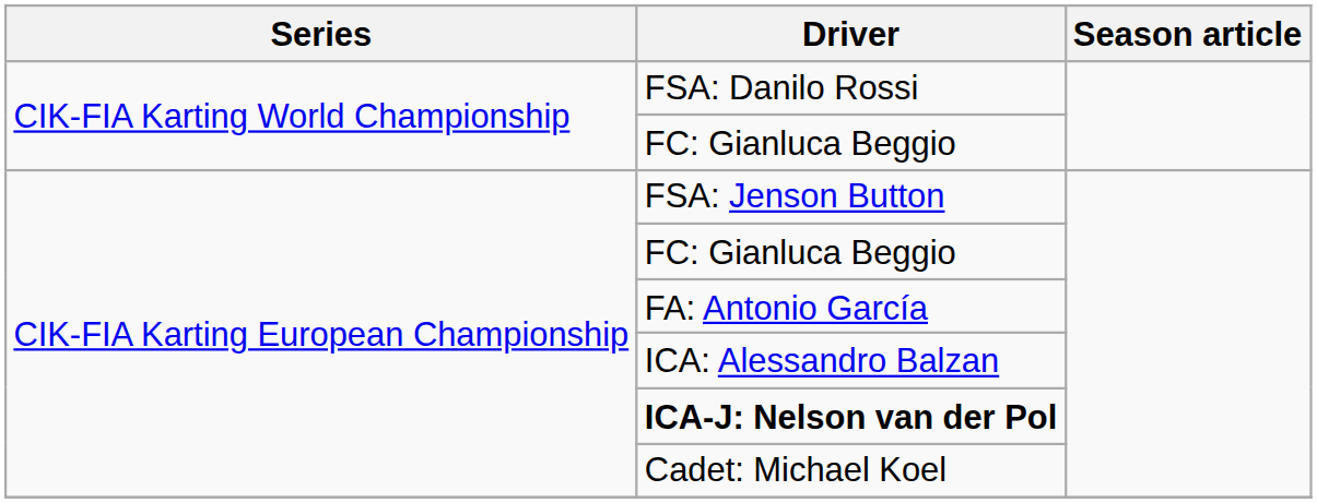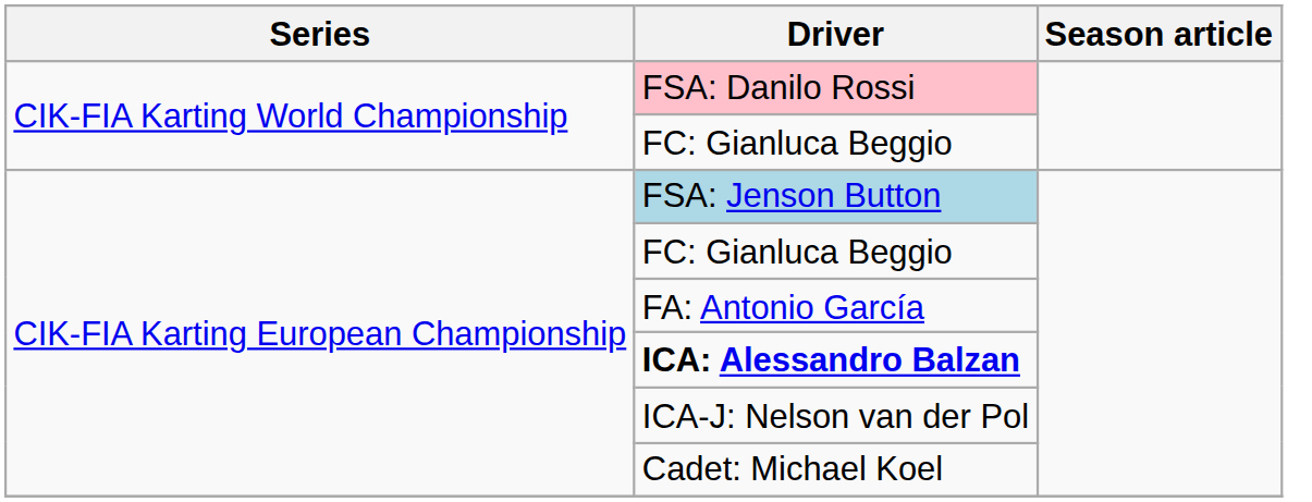 <table class="wikitable" style="font-size: 87%;">
 <tr>
 <th>Series</th>
 <th>Driver</th>
 <th>Season article</th>
 </tr>
 <tr>
 <td rowspan=2><a href='#'>CIK-FIA Karting World Championship</a></td>
-<td>FSA:  Danilo Rossi</td>
+<td style="background: pink;">FSA:  Danilo Rossi</td>
 <td rowspan=2></td>
 </tr>
 <tr>
 <td>FC:  Gianluca Beggio</td>
 </tr>
 <tr>
 <td rowspan=6><a href='#'>CIK-FIA Karting European Championship</a></td>
-<td>FSA:  <a href='#'>Jenson Button</a></td>
+<td style="background: lightblue;">FSA:  <a href='#'>Jenson Button</a></td>
 <td rowspan=6></td>
 </tr>
 <tr>
 <td>FC:  Gianluca Beggio</td>
 </tr>
 <tr>
 <td>FA:  <a href='#'>Antonio García</a></td>
 </tr>
 <tr>
-<td>ICA:  <a href='#'>Alessandro Balzan</a></td>
+<td><strong>ICA:  <a href='#'>Alessandro Balzan</a></strong></td>
 </tr>
 <tr>
-<td><strong>ICA-J:  Nelson van der Pol</strong></td>
+<td>ICA-J:  Nelson van der Pol</td>
 </tr>
 <tr>
 <td>Cadet:  Michael Koel</td>
 </tr>
 <tr>
 </tr>
 </table>
